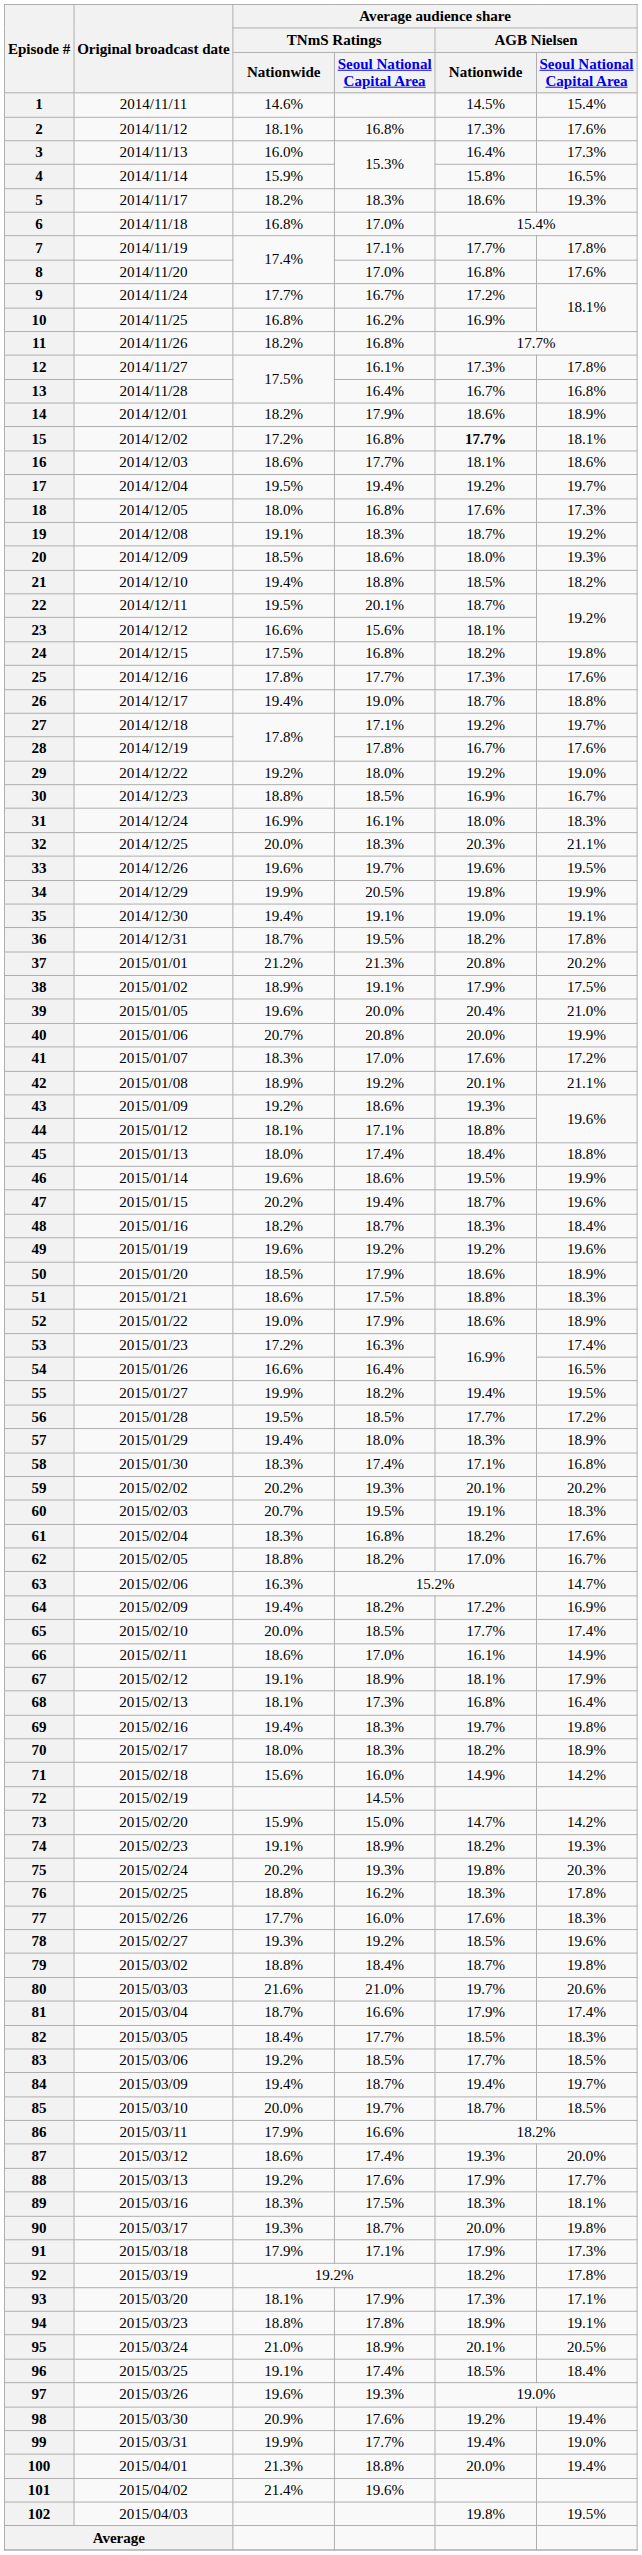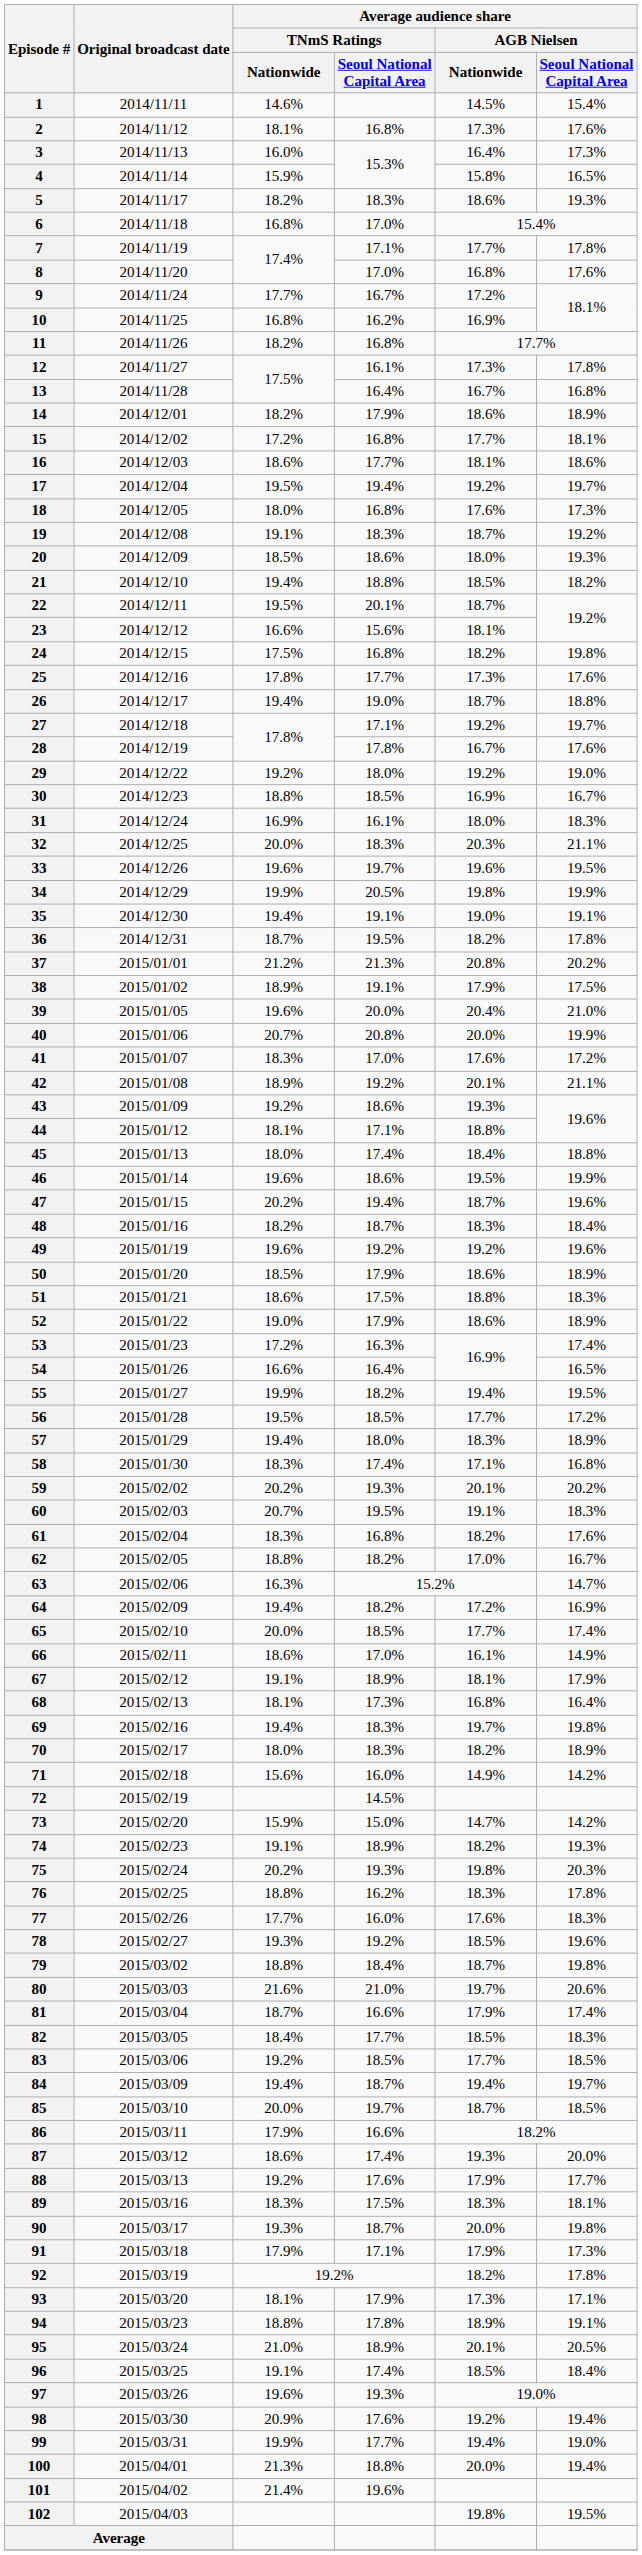 <table class=wikitable style="text-align:center">
 <tr>
 <th rowspan="3">Episode #</th>
 <th rowspan="3">Original broadcast date</th>
 <th colspan="4">Average audience share</th>
 </tr>
 <tr>
 <th colspan="2">TNmS Ratings</th>
 <th colspan="2">AGB Nielsen</th>
 </tr>
 <tr>
 <th width=100>Nationwide</th>
 <th width=100><a href='#'>Seoul National Capital Area</a></th>
 <th width=100>Nationwide</th>
 <th width=100><a href='#'>Seoul National Capital Area</a></th>
 </tr>
 <tr>
 <th>1</th>
 <td>2014/11/11</td>
 <td>14.6%</td>
 <td></td>
 <td>14.5%</td>
 <td>15.4%</td>
 </tr>
 <tr align=center>
 <th>2</th>
 <td>2014/11/12</td>
 <td>18.1%</td>
 <td>16.8%</td>
 <td>17.3%</td>
 <td>17.6%</td>
 </tr>
 <tr align=center>
 <th>3</th>
 <td>2014/11/13</td>
 <td>16.0%</td>
 <td rowspan="2">15.3%</td>
 <td>16.4%</td>
 <td>17.3%</td>
 </tr>
 <tr align=center>
 <th>4</th>
 <td>2014/11/14</td>
 <td>15.9%</td>
 <td>15.8%</td>
 <td>16.5%</td>
 </tr>
 <tr align=center>
 <th>5</th>
 <td>2014/11/17</td>
 <td>18.2%</td>
 <td>18.3%</td>
 <td>18.6%</td>
 <td>19.3%</td>
 </tr>
 <tr align=center>
 <th>6</th>
 <td>2014/11/18</td>
 <td>16.8%</td>
 <td>17.0%</td>
 <td colspan=2>15.4%</td>
 </tr>
 <tr align=center>
 <th>7</th>
 <td>2014/11/19</td>
 <td rowspan="2">17.4%</td>
 <td>17.1%</td>
 <td>17.7%</td>
 <td>17.8%</td>
 </tr>
 <tr align=center>
 <th>8</th>
 <td>2014/11/20</td>
 <td>17.0%</td>
 <td>16.8%</td>
 <td>17.6%</td>
 </tr>
 <tr align=center>
 <th>9</th>
 <td>2014/11/24</td>
 <td>17.7%</td>
 <td>16.7%</td>
 <td>17.2%</td>
 <td rowspan="2">18.1%</td>
 </tr>
 <tr align=center>
 <th>10</th>
 <td>2014/11/25</td>
 <td>16.8%</td>
 <td>16.2%</td>
 <td>16.9%</td>
 </tr>
 <tr align=center>
 <th>11</th>
 <td>2014/11/26</td>
 <td>18.2%</td>
 <td>16.8%</td>
 <td colspan="2">17.7%</td>
 </tr>
 <tr align=center>
 <th>12</th>
 <td>2014/11/27</td>
 <td rowspan=2>17.5%</td>
 <td>16.1%</td>
 <td>17.3%</td>
 <td>17.8%</td>
 </tr>
 <tr align=center>
 <th>13</th>
 <td>2014/11/28</td>
 <td>16.4%</td>
 <td>16.7%</td>
 <td>16.8%</td>
 </tr>
 <tr align=center>
 <th>14</th>
 <td>2014/12/01</td>
 <td>18.2%</td>
 <td>17.9%</td>
 <td>18.6%</td>
 <td>18.9%</td>
 </tr>
 <tr align=center>
 <th>15</th>
 <td>2014/12/02</td>
 <td>17.2%</td>
 <td>16.8%</td>
-<td><strong>17.7%</strong></td>
+<td>17.7%</td>
 <td>18.1%</td>
 </tr>
 <tr align=center>
 <th>16</th>
 <td>2014/12/03</td>
 <td>18.6%</td>
 <td>17.7%</td>
 <td>18.1%</td>
 <td>18.6%</td>
 </tr>
 <tr align=center>
 <th>17</th>
 <td>2014/12/04</td>
 <td>19.5%</td>
 <td>19.4%</td>
 <td>19.2%</td>
 <td>19.7%</td>
 </tr>
 <tr align=center>
 <th>18</th>
 <td>2014/12/05</td>
 <td>18.0%</td>
 <td>16.8%</td>
 <td>17.6%</td>
 <td>17.3%</td>
 </tr>
 <tr align=center>
 <th>19</th>
 <td>2014/12/08</td>
 <td>19.1%</td>
 <td>18.3%</td>
 <td>18.7%</td>
 <td>19.2%</td>
 </tr>
 <tr align=center>
 <th>20</th>
 <td>2014/12/09</td>
 <td>18.5%</td>
 <td>18.6%</td>
 <td>18.0%</td>
 <td>19.3%</td>
 </tr>
 <tr align=center>
 <th>21</th>
 <td>2014/12/10</td>
 <td>19.4%</td>
 <td>18.8%</td>
 <td>18.5%</td>
 <td>18.2%</td>
 </tr>
 <tr align=center>
 <th>22</th>
 <td>2014/12/11</td>
 <td>19.5%</td>
 <td>20.1%</td>
 <td>18.7%</td>
 <td rowspan=2>19.2%</td>
 </tr>
 <tr align=center>
 <th>23</th>
 <td>2014/12/12</td>
 <td>16.6%</td>
 <td>15.6%</td>
 <td>18.1%</td>
 </tr>
 <tr align=center>
 <th>24</th>
 <td>2014/12/15</td>
 <td>17.5%</td>
 <td>16.8%</td>
 <td>18.2%</td>
 <td>19.8%</td>
 </tr>
 <tr align=center>
 <th>25</th>
 <td>2014/12/16</td>
 <td>17.8%</td>
 <td>17.7%</td>
 <td>17.3%</td>
 <td>17.6%</td>
 </tr>
 <tr align=center>
 <th>26</th>
 <td>2014/12/17</td>
 <td>19.4%</td>
 <td>19.0%</td>
 <td>18.7%</td>
 <td>18.8%</td>
 </tr>
 <tr align=center>
 <th>27</th>
 <td>2014/12/18</td>
 <td rowspan="2">17.8%</td>
 <td>17.1%</td>
 <td>19.2%</td>
 <td>19.7%</td>
 </tr>
 <tr align=center>
 <th>28</th>
 <td>2014/12/19</td>
 <td>17.8%</td>
 <td>16.7%</td>
 <td>17.6%</td>
 </tr>
 <tr align=center>
 <th>29</th>
 <td>2014/12/22</td>
 <td>19.2%</td>
 <td>18.0%</td>
 <td>19.2%</td>
 <td>19.0%</td>
 </tr>
 <tr align=center>
 <th>30</th>
 <td>2014/12/23</td>
 <td>18.8%</td>
 <td>18.5%</td>
 <td>16.9%</td>
 <td>16.7%</td>
 </tr>
 <tr align=center>
 <th>31</th>
 <td>2014/12/24</td>
 <td>16.9%</td>
 <td>16.1%</td>
 <td>18.0%</td>
 <td>18.3%</td>
 </tr>
 <tr align=center>
 <th>32</th>
 <td>2014/12/25</td>
 <td>20.0%</td>
 <td>18.3%</td>
 <td>20.3%</td>
 <td>21.1%</td>
 </tr>
 <tr align=center>
 <th>33</th>
 <td>2014/12/26</td>
 <td>19.6%</td>
 <td>19.7%</td>
 <td>19.6%</td>
 <td>19.5%</td>
 </tr>
 <tr align=center>
 <th>34</th>
 <td>2014/12/29</td>
 <td>19.9%</td>
 <td>20.5%</td>
 <td>19.8%</td>
 <td>19.9%</td>
 </tr>
 <tr align=center>
 <th>35</th>
 <td>2014/12/30</td>
 <td>19.4%</td>
 <td>19.1%</td>
 <td>19.0%</td>
 <td>19.1%</td>
 </tr>
 <tr align=center>
 <th>36</th>
 <td>2014/12/31</td>
 <td>18.7%</td>
 <td>19.5%</td>
 <td>18.2%</td>
 <td>17.8%</td>
 </tr>
 <tr align=center>
 <th>37</th>
 <td>2015/01/01</td>
 <td>21.2%</td>
 <td>21.3%</td>
 <td>20.8%</td>
 <td>20.2%</td>
 </tr>
 <tr align=center>
 <th>38</th>
 <td>2015/01/02</td>
 <td>18.9%</td>
 <td>19.1%</td>
 <td>17.9%</td>
 <td>17.5%</td>
 </tr>
 <tr align=center>
 <th>39</th>
 <td>2015/01/05</td>
 <td>19.6%</td>
 <td>20.0%</td>
 <td>20.4%</td>
 <td>21.0%</td>
 </tr>
 <tr align=center>
 <th>40</th>
 <td>2015/01/06</td>
 <td>20.7%</td>
 <td>20.8%</td>
 <td>20.0%</td>
 <td>19.9%</td>
 </tr>
 <tr align=center>
 <th>41</th>
 <td>2015/01/07</td>
 <td>18.3%</td>
 <td>17.0%</td>
 <td>17.6%</td>
 <td>17.2%</td>
 </tr>
 <tr align=center>
 <th>42</th>
 <td>2015/01/08</td>
 <td>18.9%</td>
 <td>19.2%</td>
 <td>20.1%</td>
 <td>21.1%</td>
 </tr>
 <tr align=center>
 <th>43</th>
 <td>2015/01/09</td>
 <td>19.2%</td>
 <td>18.6%</td>
 <td>19.3%</td>
 <td rowspan=2>19.6%</td>
 </tr>
 <tr align=center>
 <th>44</th>
 <td>2015/01/12</td>
 <td>18.1%</td>
 <td>17.1%</td>
 <td>18.8%</td>
 </tr>
 <tr align=center>
 <th>45</th>
 <td>2015/01/13</td>
 <td>18.0%</td>
 <td>17.4%</td>
 <td>18.4%</td>
 <td>18.8%</td>
 </tr>
 <tr align=center>
 <th>46</th>
 <td>2015/01/14</td>
 <td>19.6%</td>
 <td>18.6%</td>
 <td>19.5%</td>
 <td>19.9%</td>
 </tr>
 <tr align=center>
 <th>47</th>
 <td>2015/01/15</td>
 <td>20.2%</td>
 <td>19.4%</td>
 <td>18.7%</td>
 <td>19.6%</td>
 </tr>
 <tr align=center>
 <th>48</th>
 <td>2015/01/16</td>
 <td>18.2%</td>
 <td>18.7%</td>
 <td>18.3%</td>
 <td>18.4%</td>
 </tr>
 <tr align=center>
 <th>49</th>
 <td>2015/01/19</td>
 <td>19.6%</td>
 <td>19.2%</td>
 <td>19.2%</td>
 <td>19.6%</td>
 </tr>
 <tr align=center>
 <th>50</th>
 <td>2015/01/20</td>
 <td>18.5%</td>
 <td>17.9%</td>
 <td>18.6%</td>
 <td>18.9%</td>
 </tr>
 <tr align=center>
 <th>51</th>
 <td>2015/01/21</td>
 <td>18.6%</td>
 <td>17.5%</td>
 <td>18.8%</td>
 <td>18.3%</td>
 </tr>
 <tr align=center>
 <th>52</th>
 <td>2015/01/22</td>
 <td>19.0%</td>
 <td>17.9%</td>
 <td>18.6%</td>
 <td>18.9%</td>
 </tr>
 <tr align=center>
 <th>53</th>
 <td>2015/01/23</td>
 <td>17.2%</td>
 <td>16.3%</td>
 <td rowspan=2>16.9%</td>
 <td>17.4%</td>
 </tr>
 <tr align=center>
 <th>54</th>
 <td>2015/01/26</td>
 <td>16.6%</td>
 <td>16.4%</td>
 <td>16.5%</td>
 </tr>
 <tr align=center>
 <th>55</th>
 <td>2015/01/27</td>
 <td>19.9%</td>
 <td>18.2%</td>
 <td>19.4%</td>
 <td>19.5%</td>
 </tr>
 <tr align=center>
 <th>56</th>
 <td>2015/01/28</td>
 <td>19.5%</td>
 <td>18.5%</td>
 <td>17.7%</td>
 <td>17.2%</td>
 </tr>
 <tr align=center>
 <th>57</th>
 <td>2015/01/29</td>
 <td>19.4%</td>
 <td>18.0%</td>
 <td>18.3%</td>
 <td>18.9%</td>
 </tr>
 <tr align=center>
 <th>58</th>
 <td>2015/01/30</td>
 <td>18.3%</td>
 <td>17.4%</td>
 <td>17.1%</td>
 <td>16.8%</td>
 </tr>
 <tr align=center>
 <th>59</th>
 <td>2015/02/02</td>
 <td>20.2%</td>
 <td>19.3%</td>
 <td>20.1%</td>
 <td>20.2%</td>
 </tr>
 <tr align=center>
 <th>60</th>
 <td>2015/02/03</td>
 <td>20.7%</td>
 <td>19.5%</td>
 <td>19.1%</td>
 <td>18.3%</td>
 </tr>
 <tr align=center>
 <th>61</th>
 <td>2015/02/04</td>
 <td>18.3%</td>
 <td>16.8%</td>
 <td>18.2%</td>
 <td>17.6%</td>
 </tr>
 <tr align=center>
 <th>62</th>
 <td>2015/02/05</td>
 <td>18.8%</td>
 <td>18.2%</td>
 <td>17.0%</td>
 <td>16.7%</td>
 </tr>
 <tr align=center>
 <th>63</th>
 <td>2015/02/06</td>
 <td>16.3%</td>
 <td colspan=2>15.2%</td>
 <td>14.7%</td>
 </tr>
 <tr align=center>
 <th>64</th>
 <td>2015/02/09</td>
 <td>19.4%</td>
 <td>18.2%</td>
 <td>17.2%</td>
 <td>16.9%</td>
 </tr>
 <tr align=center>
 <th>65</th>
 <td>2015/02/10</td>
 <td>20.0%</td>
 <td>18.5%</td>
 <td>17.7%</td>
 <td>17.4%</td>
 </tr>
 <tr align=center>
 <th>66</th>
 <td>2015/02/11</td>
 <td>18.6%</td>
 <td>17.0%</td>
 <td>16.1%</td>
 <td>14.9%</td>
 </tr>
 <tr align=center>
 <th>67</th>
 <td>2015/02/12</td>
 <td>19.1%</td>
 <td>18.9%</td>
 <td>18.1%</td>
 <td>17.9%</td>
 </tr>
 <tr align=center>
 <th>68</th>
 <td>2015/02/13</td>
 <td>18.1%</td>
 <td>17.3%</td>
 <td>16.8%</td>
 <td>16.4%</td>
 </tr>
 <tr align=center>
 <th>69</th>
 <td>2015/02/16</td>
 <td>19.4%</td>
 <td>18.3%</td>
 <td>19.7%</td>
 <td>19.8%</td>
 </tr>
 <tr align=center>
 <th>70</th>
 <td>2015/02/17</td>
 <td>18.0%</td>
 <td>18.3%</td>
 <td>18.2%</td>
 <td>18.9%</td>
 </tr>
 <tr align=center>
 <th>71</th>
 <td>2015/02/18</td>
 <td>15.6%</td>
 <td>16.0%</td>
 <td>14.9%</td>
 <td>14.2%</td>
 </tr>
 <tr align=center>
 <th>72</th>
 <td>2015/02/19</td>
 <td></td>
 <td>14.5%</td>
 <td></td>
 <td></td>
 </tr>
 <tr align=center>
 <th>73</th>
 <td>2015/02/20</td>
 <td>15.9%</td>
 <td>15.0%</td>
 <td>14.7%</td>
 <td>14.2%</td>
 </tr>
 <tr align=center>
 <th>74</th>
 <td>2015/02/23</td>
 <td>19.1%</td>
 <td>18.9%</td>
 <td>18.2%</td>
 <td>19.3%</td>
 </tr>
 <tr align=center>
 <th>75</th>
 <td>2015/02/24</td>
 <td>20.2%</td>
 <td>19.3%</td>
 <td>19.8%</td>
 <td>20.3%</td>
 </tr>
 <tr align=center>
 <th>76</th>
 <td>2015/02/25</td>
 <td>18.8%</td>
 <td>16.2%</td>
 <td>18.3%</td>
 <td>17.8%</td>
 </tr>
 <tr align=center>
 <th>77</th>
 <td>2015/02/26</td>
 <td>17.7%</td>
 <td>16.0%</td>
 <td>17.6%</td>
 <td>18.3%</td>
 </tr>
 <tr align=center>
 <th>78</th>
 <td>2015/02/27</td>
 <td>19.3%</td>
 <td>19.2%</td>
 <td>18.5%</td>
 <td>19.6%</td>
 </tr>
 <tr align=center>
 <th>79</th>
 <td>2015/03/02</td>
 <td>18.8%</td>
 <td>18.4%</td>
 <td>18.7%</td>
 <td>19.8%</td>
 </tr>
 <tr align=center>
 <th>80</th>
 <td>2015/03/03</td>
 <td>21.6%</td>
 <td>21.0%</td>
 <td>19.7%</td>
 <td>20.6%</td>
 </tr>
 <tr align=center>
 <th>81</th>
 <td>2015/03/04</td>
 <td>18.7%</td>
 <td>16.6%</td>
 <td>17.9%</td>
 <td>17.4%</td>
 </tr>
 <tr align=center>
 <th>82</th>
 <td>2015/03/05</td>
 <td>18.4%</td>
 <td>17.7%</td>
 <td>18.5%</td>
 <td>18.3%</td>
 </tr>
 <tr align=center>
 <th>83</th>
 <td>2015/03/06</td>
 <td>19.2%</td>
 <td>18.5%</td>
 <td>17.7%</td>
 <td>18.5%</td>
 </tr>
 <tr align=center>
 <th>84</th>
 <td>2015/03/09</td>
 <td>19.4%</td>
 <td>18.7%</td>
 <td>19.4%</td>
 <td>19.7%</td>
 </tr>
 <tr align=center>
 <th>85</th>
 <td>2015/03/10</td>
 <td>20.0%</td>
 <td>19.7%</td>
 <td>18.7%</td>
 <td>18.5%</td>
 </tr>
 <tr align=center>
 <th>86</th>
 <td>2015/03/11</td>
 <td>17.9%</td>
 <td>16.6%</td>
 <td colspan=2>18.2%</td>
 </tr>
 <tr align=center>
 <th>87</th>
 <td>2015/03/12</td>
 <td>18.6%</td>
 <td>17.4%</td>
 <td>19.3%</td>
 <td>20.0%</td>
 </tr>
 <tr align=center>
 <th>88</th>
 <td>2015/03/13</td>
 <td>19.2%</td>
 <td>17.6%</td>
 <td>17.9%</td>
 <td>17.7%</td>
 </tr>
 <tr align=center>
 <th>89</th>
 <td>2015/03/16</td>
 <td>18.3%</td>
 <td>17.5%</td>
 <td>18.3%</td>
 <td>18.1%</td>
 </tr>
 <tr align=center>
 <th>90</th>
 <td>2015/03/17</td>
 <td>19.3%</td>
 <td>18.7%</td>
 <td>20.0%</td>
 <td>19.8%</td>
 </tr>
 <tr align=center>
 <th>91</th>
 <td>2015/03/18</td>
 <td>17.9%</td>
 <td>17.1%</td>
 <td>17.9%</td>
 <td>17.3%</td>
 </tr>
 <tr align=center>
 <th>92</th>
 <td>2015/03/19</td>
 <td colspan=2>19.2%</td>
 <td>18.2%</td>
 <td>17.8%</td>
 </tr>
 <tr align=center>
 <th>93</th>
 <td>2015/03/20</td>
 <td>18.1%</td>
 <td>17.9%</td>
 <td>17.3%</td>
 <td>17.1%</td>
 </tr>
 <tr align=center>
 <th>94</th>
 <td>2015/03/23</td>
 <td>18.8%</td>
 <td>17.8%</td>
 <td>18.9%</td>
 <td>19.1%</td>
 </tr>
 <tr align=center>
 <th>95</th>
 <td>2015/03/24</td>
 <td>21.0%</td>
 <td>18.9%</td>
 <td>20.1%</td>
 <td>20.5%</td>
 </tr>
 <tr align=center>
 <th>96</th>
 <td>2015/03/25</td>
 <td>19.1%</td>
 <td>17.4%</td>
 <td>18.5%</td>
 <td>18.4%</td>
 </tr>
 <tr align=center>
 <th>97</th>
 <td>2015/03/26</td>
 <td>19.6%</td>
 <td>19.3%</td>
 <td colspan=2>19.0%</td>
 </tr>
 <tr align=center>
 <th>98</th>
 <td>2015/03/30</td>
 <td>20.9%</td>
 <td>17.6%</td>
 <td>19.2%</td>
 <td>19.4%</td>
 </tr>
 <tr align=center>
 <th>99</th>
 <td>2015/03/31</td>
 <td>19.9%</td>
 <td>17.7%</td>
 <td>19.4%</td>
 <td>19.0%</td>
 </tr>
 <tr align=center>
 <th>100</th>
 <td>2015/04/01</td>
 <td>21.3%</td>
 <td>18.8%</td>
 <td>20.0%</td>
 <td>19.4%</td>
 </tr>
 <tr align=center>
 <th>101</th>
 <td>2015/04/02</td>
 <td>21.4%</td>
 <td>19.6%</td>
 <td></td>
 <td></td>
 </tr>
 <tr align=center>
 <th>102</th>
 <td>2015/04/03</td>
 <td></td>
 <td></td>
 <td>19.8%</td>
 <td>19.5%</td>
 </tr>
 <tr align=center>
 <th colspan=2>Average</th>
 <td></td>
 <td></td>
 <td></td>
 <td></td>
 </tr>
 <tr align=center>
 </tr>
 </table>
